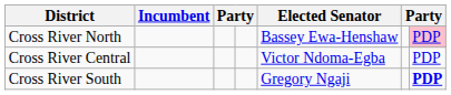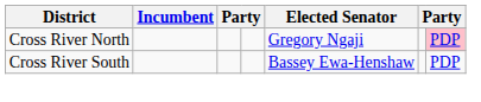 <table class="sortable wikitable" style="font-size:95%;line-height:14px;">
 <tr>
 <th class="unsortable">District</th>
 <th class="unsortable"><a href='#'>Incumbent</a></th>
 <th colspan="2">Party</th>
 <th class="unsortable">Elected Senator</th>
 <th colspan="2">Party</th>
 </tr>
 <tr>
 <td>Cross River North</td>
 <td></td>
 <td></td>
 <td></td>
-<td><a href='#'>Bassey Ewa-Henshaw</a></td>
+<td><a href='#'>Gregory Ngaji</a></td>
 <td style="background:"></td>
 <td style="background: pink;"><a href='#'>PDP</a></td>
-</tr>
-<tr>
-<td>Cross River Central</td>
-<td></td>
-<td></td>
-<td></td>
-<td><a href='#'>Victor Ndoma-Egba</a></td>
-<td style="background:"></td>
-<td><a href='#'>PDP</a></td>
 </tr>
 <tr>
 <td>Cross River South</td>
 <td></td>
 <td></td>
 <td></td>
-<td><a href='#'>Gregory Ngaji</a></td>
+<td><a href='#'>Bassey Ewa-Henshaw</a></td>
 <td style="background:"></td>
-<td><strong><a href='#'>PDP</a></strong></td>
+<td><a href='#'>PDP</a></td>
 </tr>
 </table>
